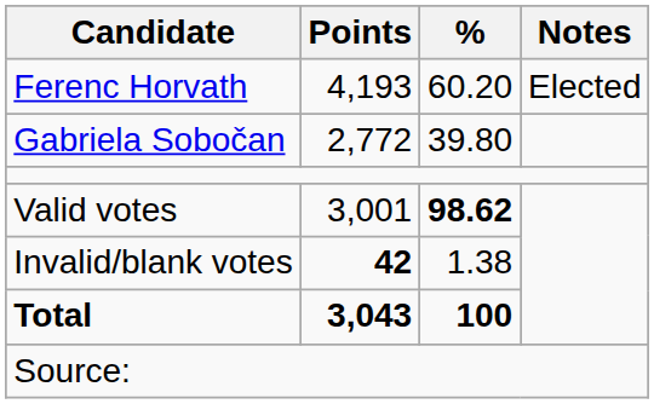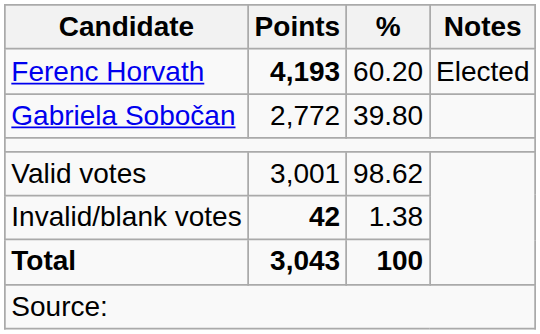 <table class=wikitable style=text-align:right>
 <tr>
 <th>Candidate</th>
 <th>Points</th>
 <th>%</th>
 <th>Notes</th>
 </tr>
 <tr>
 <td align=left><a href='#'>Ferenc Horvath</a></td>
-<td>4,193</td>
+<td><strong>4,193</strong></td>
 <td>60.20</td>
 <td align=left>Elected</td>
 </tr>
 <tr>
 <td align=left><a href='#'>Gabriela Sobočan</a></td>
 <td>2,772</td>
 <td>39.80</td>
 <td></td>
 </tr>
 <tr>
 <td colspan=4></td>
 </tr>
 <tr>
 <td align=left>Valid votes</td>
 <td>3,001</td>
-<td><strong>98.62</strong></td>
+<td>98.62</td>
 <td colspan=2 rowspan=3></td>
 </tr>
 <tr>
 <td align=left>Invalid/blank votes</td>
 <td><strong>42</strong></td>
 <td>1.38</td>
 </tr>
 <tr>
 <td align=left><strong>Total</strong></td>
 <td><strong>3,043</strong></td>
 <td><strong>100</strong></td>
 </tr>
 <tr>
 <td align=left colspan=4>Source: </td>
 </tr>
 </table>
